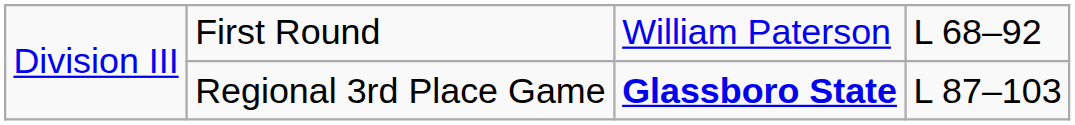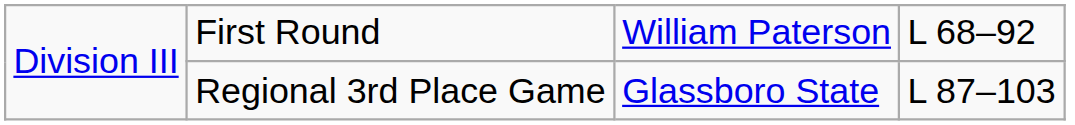 <table class="wikitable">
 <tr>
 <td rowspan="5"><a href='#'>Division III</a></td>
 <td>First Round</td>
 <td><a href='#'>William Paterson</a></td>
 <td>L 68–92</td>
 </tr>
 <tr>
 <td>Regional 3rd Place Game</td>
-<td><strong><a href='#'>Glassboro State</a></strong></td>
+<td><a href='#'>Glassboro State</a></td>
 <td>L 87–103</td>
 </tr>
 </table>
